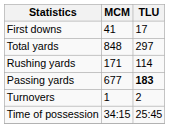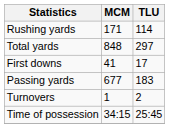 <table class="wikitable">
 <tr>
 <th>Statistics</th>
 <th>MCM</th>
 <th>TLU</th>
 </tr>
 <tr>
-<td>First downs</td>
-<td>41</td>
-<td>17</td>
+<td>Rushing yards</td>
+<td>171</td>
+<td>114</td>
 </tr>
 <tr>
 <td>Total yards</td>
 <td>848</td>
 <td>297</td>
 </tr>
 <tr>
-<td>Rushing yards</td>
-<td>171</td>
-<td>114</td>
+<td>First downs</td>
+<td>41</td>
+<td>17</td>
 </tr>
 <tr>
 <td>Passing yards</td>
 <td>677</td>
-<td><strong>183</strong></td>
+<td>183</td>
 </tr>
 <tr>
 <td>Turnovers</td>
 <td>1</td>
 <td>2</td>
 </tr>
 <tr>
 <td>Time of possession</td>
 <td>34:15</td>
 <td>25:45</td>
 </tr>
 <tr>
 </tr>
 </table>
